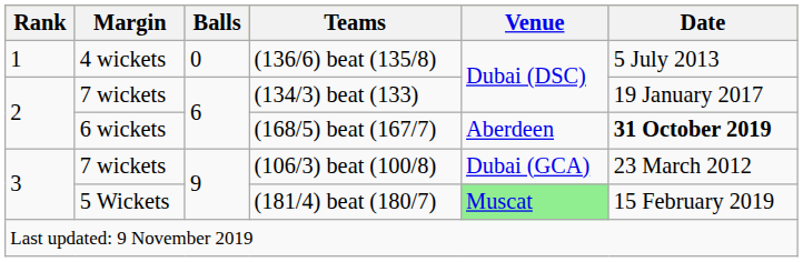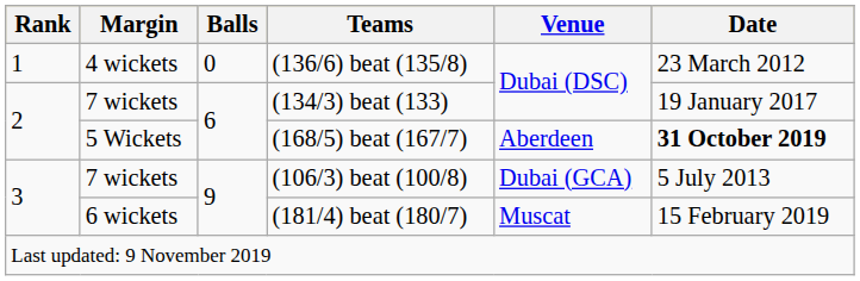 <table class="wikitable" style="width:90%;">
 <tr style="background:#bdb76b;">
 <th>Rank</th>
 <th>Margin</th>
 <th>Balls</th>
 <th>Teams</th>
 <th><a href='#'>Venue</a></th>
 <th>Date</th>
 </tr>
 <tr>
 <td>1</td>
 <td>4 wickets</td>
 <td>0</td>
 <td> (136/6) beat  (135/8)</td>
 <td rowspan=2><a href='#'>Dubai (DSC)</a></td>
-<td>5 July 2013</td>
+<td>23 March 2012</td>
 </tr>
 <tr>
 <td rowspan=2>2</td>
 <td>7 wickets</td>
 <td rowspan=2>6</td>
 <td> (134/3) beat  (133)</td>
 <td>19 January 2017</td>
 </tr>
 <tr>
-<td>6 wickets</td>
+<td>5 Wickets</td>
 <td> (168/5) beat  (167/7)</td>
 <td><a href='#'>Aberdeen</a></td>
 <td><strong>31 October 2019</strong></td>
 </tr>
 <tr>
 <td rowspan=2>3</td>
 <td>7 wickets</td>
 <td rowspan=2>9</td>
 <td> (106/3) beat  (100/8)</td>
 <td><a href='#'>Dubai (GCA)</a></td>
-<td>23 March 2012</td>
+<td>5 July 2013</td>
 </tr>
 <tr>
-<td>5 Wickets</td>
+<td>6 wickets</td>
 <td> (181/4) beat  (180/7)</td>
-<td style="background: lightgreen;"><a href='#'>Muscat</a></td>
+<td><a href='#'>Muscat</a></td>
 <td>15 February 2019</td>
 </tr>
 <tr>
 <td colspan=6><small>Last updated: 9 November 2019</small></td>
 </tr>
 </table>
